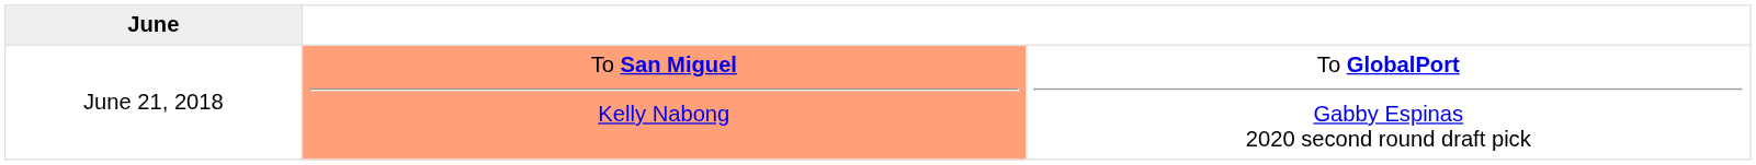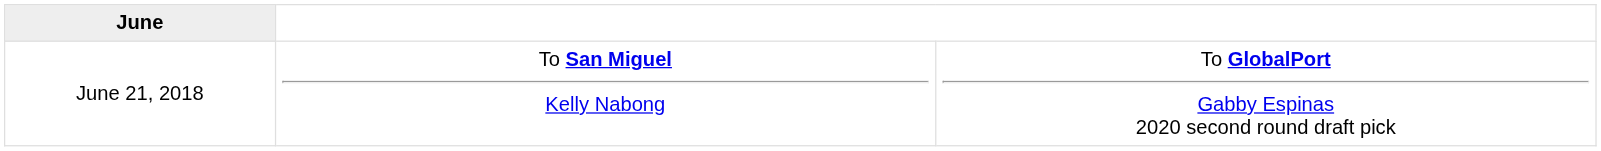 <table border=1 style="border-collapse:collapse; text-align: center; width: 100%" bordercolor="#DFDFDF"  cellpadding="5">
 <tr bgcolor="eeeeee">
 <th>June</th>
 </tr>
 <tr>
 <td style="width:12%">June 21, 2018</td>
-<td style="background: lightsalmon; width:29.3%" valign="top">To <strong><a href='#'>San Miguel</a></strong><hr><a href='#'>Kelly Nabong</a></td>
+<td style="width:29.3%" valign="top">To <strong><a href='#'>San Miguel</a></strong><hr><a href='#'>Kelly Nabong</a></td>
 <td style="width:29.3%" valign="top">To <strong><a href='#'>GlobalPort</a></strong><hr><a href='#'>Gabby Espinas</a><br> 2020 second round draft pick</td>
 </tr>
 </table>
